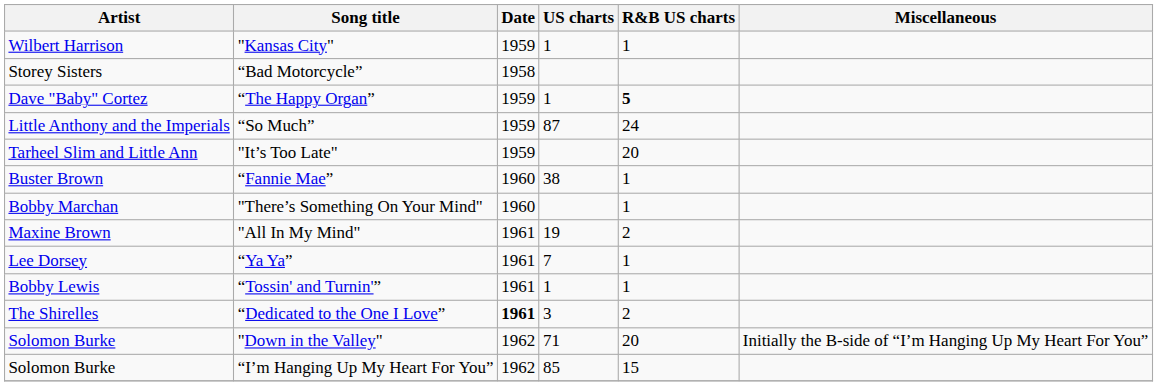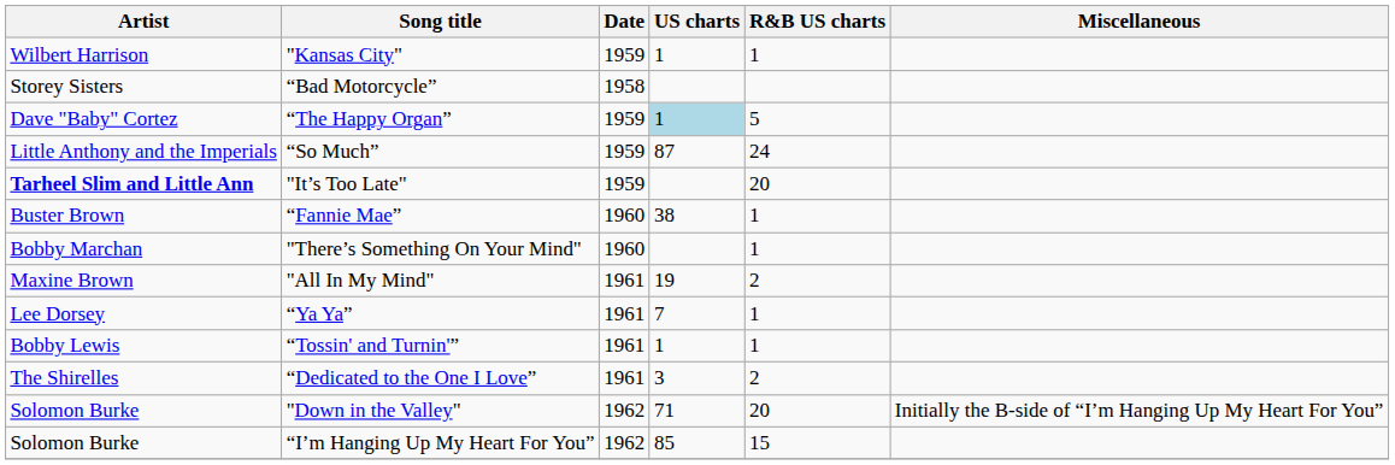 <table class="wikitable sortable">
 <tr>
 <th>Artist</th>
 <th>Song title</th>
 <th>Date</th>
 <th>US charts</th>
 <th>R&B US charts</th>
 <th>Miscellaneous</th>
 </tr>
 <tr>
 <td><a href='#'>Wilbert Harrison</a></td>
 <td>"<a href='#'>Kansas City</a>"</td>
 <td>1959</td>
 <td>1</td>
 <td>1</td>
 <td></td>
 </tr>
 <tr>
 <td>Storey Sisters</td>
 <td>“Bad Motorcycle”</td>
 <td>1958</td>
 <td></td>
 <td></td>
 <td></td>
 </tr>
 <tr>
 <td><a href='#'>Dave "Baby" Cortez</a></td>
 <td>“<a href='#'>The Happy Organ</a>”</td>
 <td>1959</td>
-<td>1</td>
-<td><strong>5</strong></td>
+<td style="background: lightblue;">1</td>
+<td>5</td>
 <td></td>
 </tr>
 <tr>
 <td><a href='#'>Little Anthony and the Imperials</a></td>
 <td>“So Much”</td>
 <td>1959</td>
 <td>87</td>
 <td>24</td>
 <td></td>
 </tr>
 <tr>
-<td><a href='#'>Tarheel Slim and Little Ann</a></td>
+<td><strong><a href='#'>Tarheel Slim and Little Ann</a></strong></td>
 <td>"It’s Too Late"</td>
 <td>1959</td>
 <td></td>
 <td>20</td>
 <td></td>
 </tr>
 <tr>
 <td><a href='#'>Buster Brown</a></td>
 <td>“<a href='#'>Fannie Mae</a>”</td>
 <td>1960</td>
 <td>38</td>
 <td>1</td>
 <td></td>
 </tr>
 <tr>
 <td><a href='#'>Bobby Marchan</a></td>
 <td>"There’s Something On Your Mind"</td>
 <td>1960</td>
 <td></td>
 <td>1</td>
 <td></td>
 </tr>
 <tr>
 <td><a href='#'>Maxine Brown</a></td>
 <td>"All In My Mind"</td>
 <td>1961</td>
 <td>19</td>
 <td>2</td>
 <td></td>
 </tr>
 <tr>
 <td><a href='#'>Lee Dorsey</a></td>
 <td>“<a href='#'>Ya Ya</a>”</td>
 <td>1961</td>
 <td>7</td>
 <td>1</td>
 <td></td>
 </tr>
 <tr>
 <td><a href='#'>Bobby Lewis</a></td>
 <td>“<a href='#'>Tossin' and Turnin'</a>”</td>
 <td>1961</td>
 <td>1</td>
 <td>1</td>
 <td></td>
 </tr>
 <tr>
 <td><a href='#'>The Shirelles</a></td>
 <td>“<a href='#'>Dedicated to the One I Love</a>”</td>
-<td><strong>1961</strong></td>
+<td>1961</td>
 <td>3</td>
 <td>2</td>
 <td></td>
 </tr>
 <tr>
 <td><a href='#'>Solomon Burke</a></td>
 <td>"<a href='#'>Down in the Valley</a>"</td>
 <td>1962</td>
 <td>71</td>
 <td>20</td>
 <td>Initially the B-side of “I’m Hanging Up My Heart For You”</td>
 </tr>
 <tr>
 <td>Solomon Burke</td>
 <td>“I’m Hanging Up My Heart For You”</td>
 <td>1962</td>
 <td>85</td>
 <td>15</td>
 <td></td>
 </tr>
 <tr>
 </tr>
 </table>
